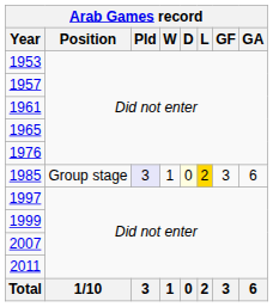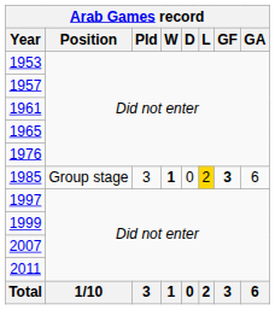 <table class="wikitable" style="text-align: center;font-size:100%">
 <tr>
 <th colspan=8><a href='#'>Arab Games</a> record</th>
 </tr>
 <tr>
 <th>Year</th>
 <th>Position</th>
 <th>Pld</th>
 <th>W</th>
 <th>D</th>
 <th>L</th>
 <th>GF</th>
 <th>GA</th>
 </tr>
 <tr>
 <td> <a href='#'>1953</a></td>
 <td colspan=7 rowspan=5><em>Did not enter</em></td>
 </tr>
 <tr>
 <td> <a href='#'>1957</a></td>
 </tr>
 <tr>
 <td> <a href='#'>1961</a></td>
 </tr>
 <tr>
 <td> <a href='#'>1965</a></td>
 </tr>
 <tr>
 <td> <a href='#'>1976</a></td>
 </tr>
 <tr>
 <td> <a href='#'>1985</a></td>
 <td>Group stage</td>
-<td style="background: lavender;">3</td>
-<td>1</td>
-<td style="background: lightyellow;">0</td>
+<td>3</td>
+<td><strong>1</strong></td>
+<td>0</td>
 <td style="background: gold;">2</td>
-<td>3</td>
+<td><strong>3</strong></td>
 <td>6</td>
 </tr>
 <tr>
 <td> <a href='#'>1997</a></td>
 <td colspan=7 rowspan=4><em>Did not enter</em></td>
 </tr>
 <tr>
 <td> <a href='#'>1999</a></td>
 </tr>
 <tr>
 <td> <a href='#'>2007</a></td>
 </tr>
 <tr>
 <td> <a href='#'>2011</a></td>
 </tr>
 <tr>
 <th>Total</th>
 <th>1/10</th>
 <th>3</th>
 <th>1</th>
 <th>0</th>
 <th>2</th>
 <th>3</th>
 <th>6</th>
 </tr>
 </table>
